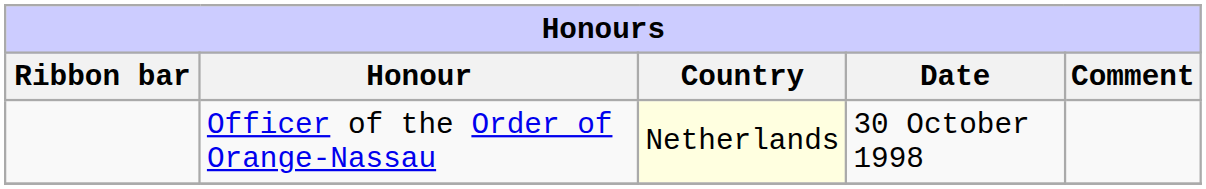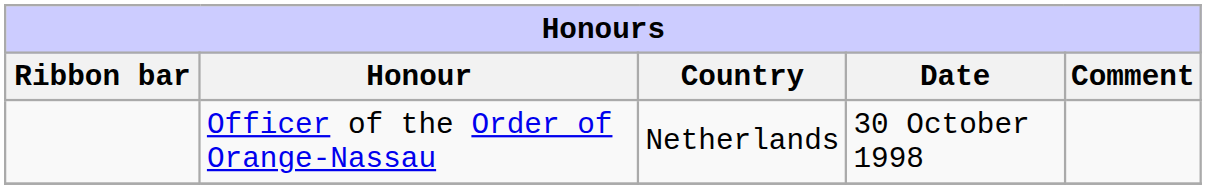 <table class="wikitable" style="width:60%;">
 <tr style="background:#ccf; text-align:center;">
 <td colspan=5><strong>Honours</strong></td>
 </tr>
 <tr>
 <th style="width:80px;">Ribbon bar</th>
 <th>Honour</th>
 <th>Country</th>
 <th>Date</th>
 <th>Comment</th>
 </tr>
 <tr>
 <td></td>
 <td><a href='#'>Officer</a> of the <a href='#'>Order of Orange-Nassau</a></td>
-<td style="background: lightyellow;">Netherlands</td>
+<td>Netherlands</td>
 <td>30 October 1998</td>
 <td></td>
 </tr>
 <tr>
 </tr>
 </table>
